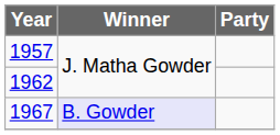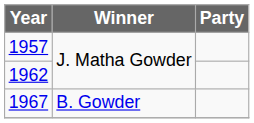 <table class="wikitable">
 <tr>
 <th style="background-color:#666666; color:white">Year</th>
 <th style="background-color:#666666; color:white">Winner</th>
 <th style="background-color:#666666; color:white" colspan="2">Party</th>
 </tr>
 <tr>
 <td><a href='#'>1957</a></td>
 <td rowspan=2>J. Matha Gowder</td>
 <td></td>
 </tr>
 <tr>
 <td><a href='#'>1962</a></td>
 </tr>
 <tr>
 <td><a href='#'>1967</a></td>
-<td style="background: lavender;"><a href='#'>B. Gowder</a></td>
+<td><a href='#'>B. Gowder</a></td>
 <td></td>
 </tr>
 <tr>
 </tr>
 </table>
